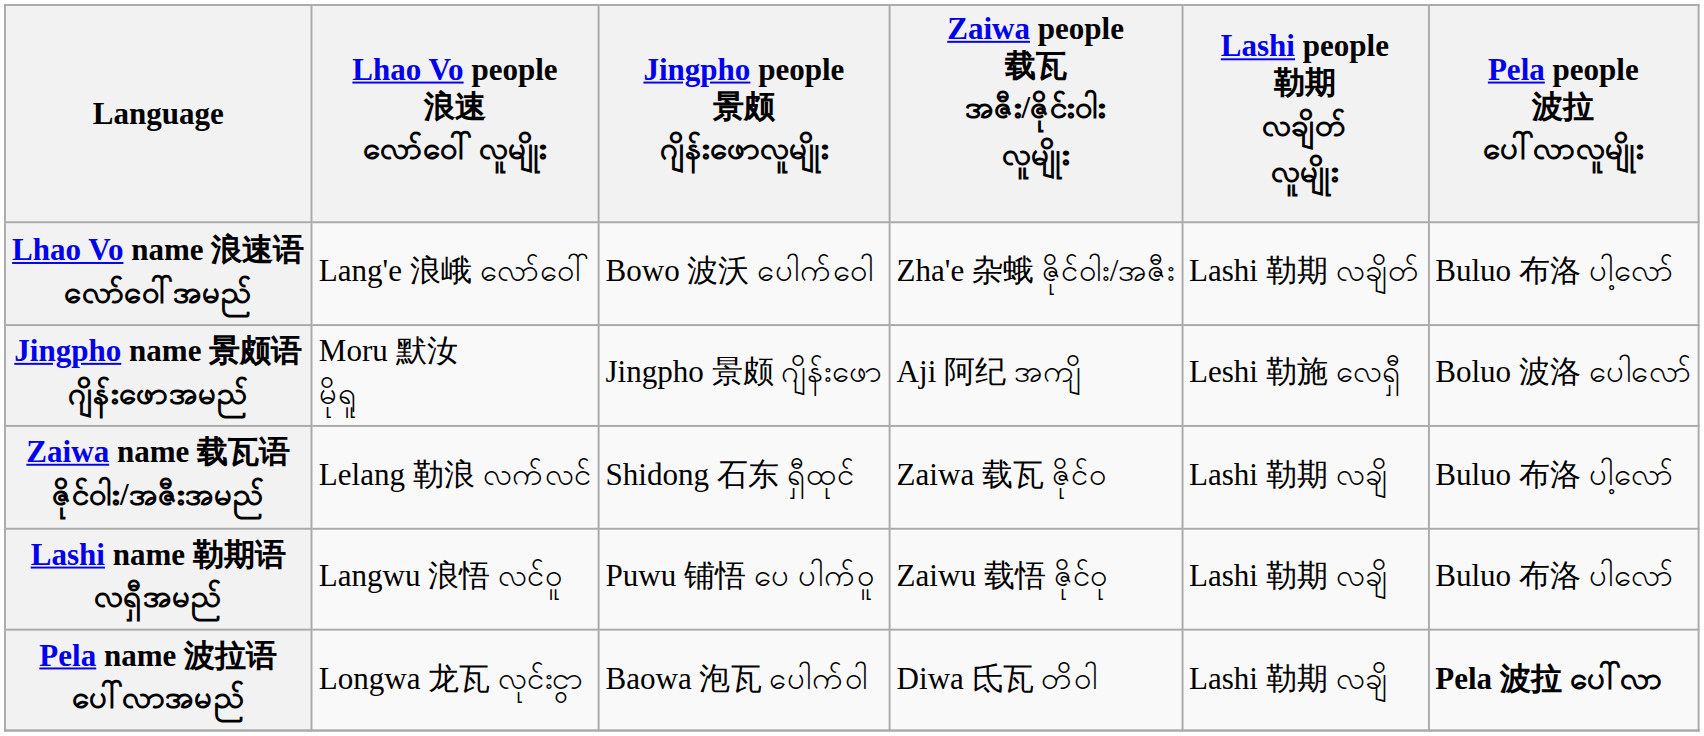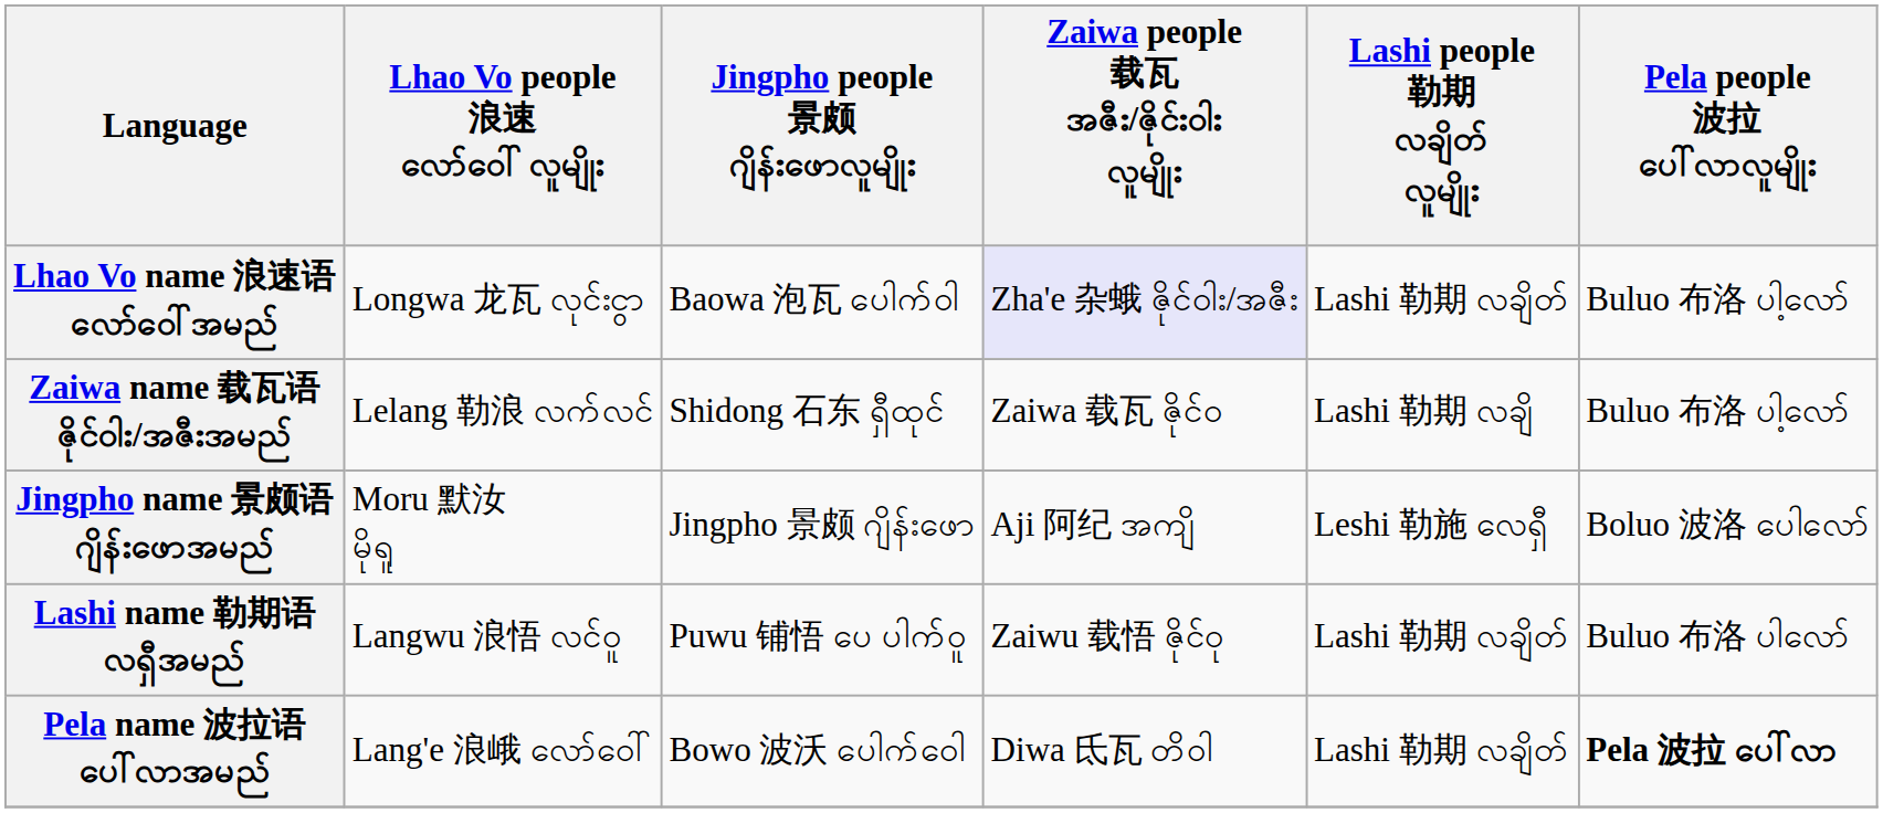 <table class="wikitable">
 <tr>
 <th>Language</th>
 <th><a href='#'>Lhao Vo</a> people<br>浪速<br>လော်ဝေါ် လူမျိုး</th>
 <th><a href='#'>Jingpho</a> people<br>景颇<br>ဂျိန်းဖောလူမျိုး</th>
 <th><a href='#'>Zaiwa</a> people<br>载瓦<br>အဇီး/ဇိုင်းဝါး<br>လူမျိုး<br><br></th>
 <th><a href='#'>Lashi</a> people<br>勒期<br>လချိတ်<br>လူမျိုး</th>
 <th><a href='#'>Pela</a> people<br>波拉<br>ပေါ်လာလူမျိုး</th>
 </tr>
 <tr>
 <th><a href='#'>Lhao Vo</a> name 浪速语<br>လော်ဝေါ်အမည်</th>
-<td>Lang'e 浪峨  လော်‌ဝေါ်</td>
-<td>Bowo 波沃  ပေါက်ဝေါ</td>
-<td>Zha'e 杂蛾  ဇိုင်ဝါး/အဇီး</td>
+<td>Longwa 龙瓦  လုင်းငွာ</td>
+<td>Baowa 泡瓦  ပေါက်ဝါ</td>
+<td style="background: lavender;">Zha'e 杂蛾  ဇိုင်ဝါး/အဇီး</td>
 <td>Lashi 勒期  လချိတ်</td>
+<td>Buluo 布洛  ပါ့လော်</td>
+</tr>
+<tr>
+<th><a href='#'>Zaiwa</a> name 载瓦语<br>ဇိုင်ဝါး/အဇီးအမည်</th>
+<td>Lelang 勒浪 လက်လင်</td>
+<td>Shidong 石东  ရှီထုင်</td>
+<td>Zaiwa 载瓦 ဇိုင်ဝ</td>
+<td>Lashi 勒期  လချိ</td>
 <td>Buluo 布洛  ပါ့လော်</td>
 </tr>
 <tr>
 <th><a href='#'>Jingpho</a> name 景颇语<br>ဂျိန်းဖောအမည်</th>
 <td>Moru 默汝<br> မိုရူ</td>
 <td>Jingpho 景颇  ဂျိန်းဖော</td>
 <td>Aji 阿纪  အကျိ</td>
 <td>Leshi 勒施  လေရှီ</td>
 <td>Boluo 波洛  ပေါလော်</td>
 </tr>
 <tr>
-<th><a href='#'>Zaiwa</a> name 载瓦语<br>ဇိုင်ဝါး/အဇီးအမည်</th>
-<td>Lelang 勒浪 လက်လင်</td>
-<td>Shidong 石东  ရှီထုင်</td>
-<td>Zaiwa 载瓦 ဇိုင်ဝ</td>
-<td>Lashi 勒期  လချိ</td>
-<td>Buluo 布洛  ပါ့လော်</td>
-</tr>
-<tr>
 <th><a href='#'>Lashi</a> name 勒期语<br>လရှီအမည်</th>
 <td>Langwu 浪悟  လင်ဝူ</td>
 <td>Puwu 铺悟  ပေ ပါက်ဝူ</td>
 <td>Zaiwu 载悟  ဇိုင်ဝု</td>
-<td>Lashi 勒期  လချိ</td>
+<td>Lashi 勒期  လချိတ်</td>
 <td>Buluo 布洛  ပါလော်</td>
 </tr>
 <tr>
 <th><a href='#'>Pela</a> name 波拉语<br>ပေါ်လာအမည်</th>
-<td>Longwa 龙瓦  လုင်းငွာ</td>
-<td>Baowa 泡瓦  ပေါက်ဝါ</td>
+<td>Lang'e 浪峨  လော်‌ဝေါ်</td>
+<td>Bowo 波沃  ပေါက်ဝေါ</td>
 <td>Diwa 氐瓦 တိဝါ</td>
-<td>Lashi 勒期  လချိ</td>
+<td>Lashi 勒期  လချိတ်</td>
 <td><strong>Pela 波拉  ပေါ်လာ</strong></td>
 </tr>
 <tr>
 </tr>
 </table>
